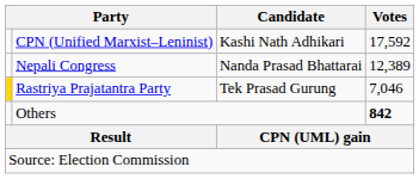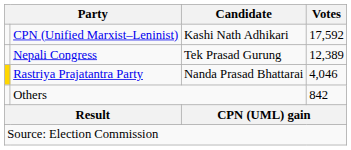 <table class="wikitable">
 <tr>
 <th colspan="2">Party</th>
 <th>Candidate</th>
 <th>Votes</th>
 </tr>
 <tr>
 <td style="background-color:"></td>
 <td><a href='#'>CPN (Unified Marxist–Leninist)</a></td>
 <td>Kashi Nath Adhikari</td>
 <td>17,592</td>
 </tr>
 <tr>
 <td style="background-color:"></td>
 <td><a href='#'>Nepali Congress</a></td>
-<td>Nanda Prasad Bhattarai</td>
+<td>Tek Prasad Gurung</td>
 <td>12,389</td>
 </tr>
 <tr>
 <td style="background-color:gold"></td>
 <td><a href='#'>Rastriya Prajatantra Party</a></td>
-<td>Tek Prasad Gurung</td>
-<td>7,046</td>
+<td>Nanda Prasad Bhattarai</td>
+<td>4,046</td>
 </tr>
 <tr>
 <td></td>
 <td colspan="2">Others</td>
-<td><strong>842</strong></td>
+<td>842</td>
 </tr>
 <tr>
 <th colspan="2">Result</th>
 <th colspan="2">CPN (UML) gain</th>
 </tr>
 <tr>
 <td colspan="4">Source: Election Commission</td>
 </tr>
 </table>
